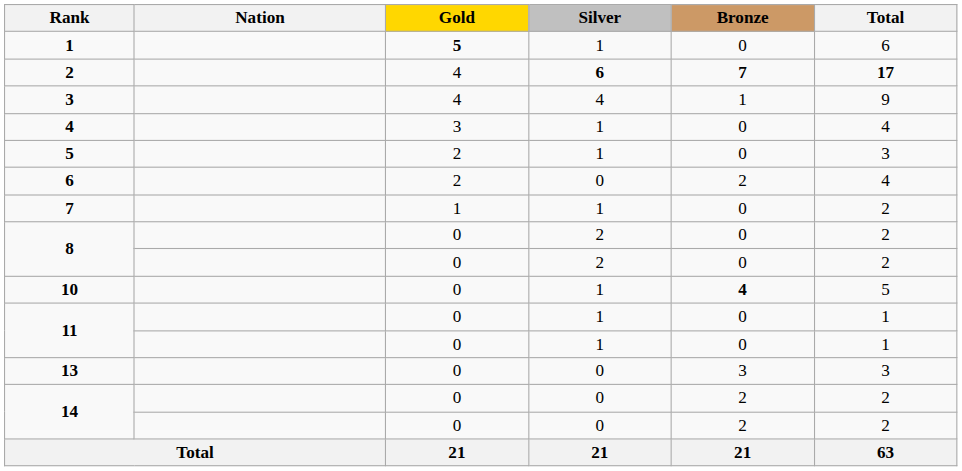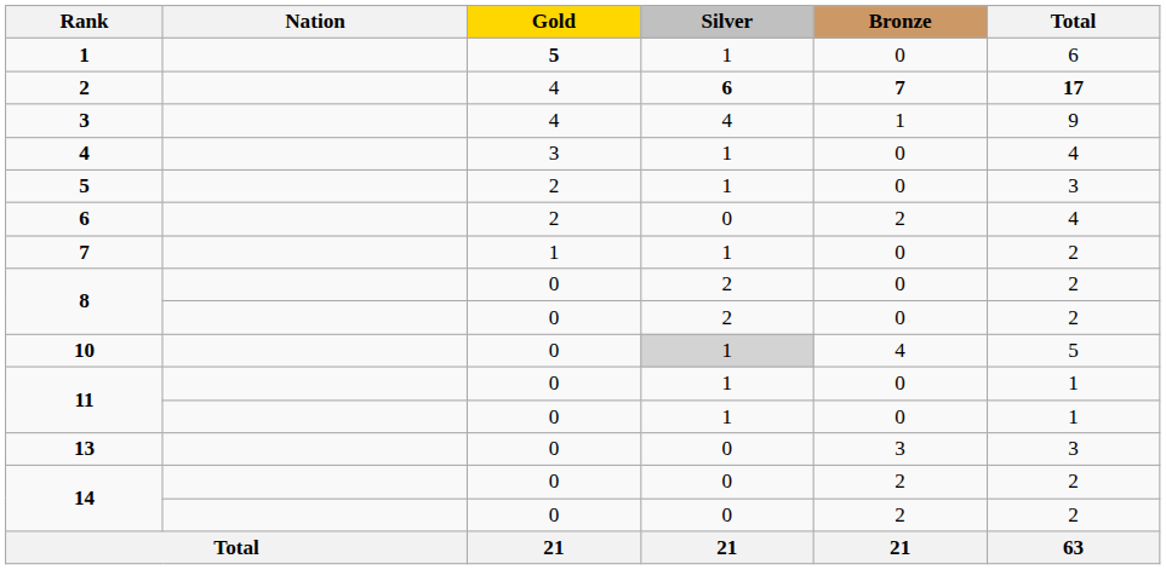 <table class="wikitable collapsible autocollapse plainrowheaders" width=70.5% style="text-align:center;">
 <tr style="background-color:#EDEDED;">
 <th width=100px class="hintergrundfarbe5">Rank</th>
 <th width=200px class="hintergrundfarbe6">Nation</th>
 <th style="background:    gold; width:15%">Gold</th>
 <th style="background:  silver; width:15%">Silver</th>
 <th style="background: #CC9966; width:15%">Bronze</th>
 <th class="hintergrundfarbe6" style="width:15%">Total</th>
 </tr>
 <tr>
 <td><strong>1</strong></td>
 <td align=left></td>
 <td><strong>5</strong></td>
 <td>1</td>
 <td>0</td>
 <td>6</td>
 </tr>
 <tr>
 <td><strong>2</strong></td>
 <td align=left></td>
 <td>4</td>
 <td><strong>6</strong></td>
 <td><strong>7</strong></td>
 <td><strong>17</strong></td>
 </tr>
 <tr>
 <td><strong>3</strong></td>
 <td align=left><em></em></td>
 <td>4</td>
 <td>4</td>
 <td>1</td>
 <td>9</td>
 </tr>
 <tr>
 <td><strong>4</strong></td>
 <td align=left></td>
 <td>3</td>
 <td>1</td>
 <td>0</td>
 <td>4</td>
 </tr>
 <tr>
 <td><strong>5</strong></td>
 <td align=left></td>
 <td>2</td>
 <td>1</td>
 <td>0</td>
 <td>3</td>
 </tr>
 <tr>
 <td><strong>6</strong></td>
 <td align=left></td>
 <td>2</td>
 <td>0</td>
 <td>2</td>
 <td>4</td>
 </tr>
 <tr>
 <td><strong>7</strong></td>
 <td align=left></td>
 <td>1</td>
 <td>1</td>
 <td>0</td>
 <td>2</td>
 </tr>
 <tr>
 <td rowspan=2><strong>8</strong></td>
 <td align=left></td>
 <td>0</td>
 <td>2</td>
 <td>0</td>
 <td>2</td>
 </tr>
 <tr>
 <td align=left></td>
 <td>0</td>
 <td>2</td>
 <td>0</td>
 <td>2</td>
 </tr>
 <tr>
 <td><strong>10</strong></td>
 <td align=left></td>
 <td>0</td>
-<td>1</td>
-<td><strong>4</strong></td>
+<td style="background: lightgrey;">1</td>
+<td>4</td>
 <td>5</td>
 </tr>
 <tr>
 <td rowspan=2><strong>11</strong></td>
 <td align=left></td>
 <td>0</td>
 <td>1</td>
 <td>0</td>
 <td>1</td>
 </tr>
 <tr>
 <td align=left></td>
 <td>0</td>
 <td>1</td>
 <td>0</td>
 <td>1</td>
 </tr>
 <tr>
 <td><strong>13</strong></td>
 <td align=left></td>
 <td>0</td>
 <td>0</td>
 <td>3</td>
 <td>3</td>
 </tr>
 <tr>
 <td rowspan=2><strong>14</strong></td>
 <td align=left></td>
 <td>0</td>
 <td>0</td>
 <td>2</td>
 <td>2</td>
 </tr>
 <tr>
 <td align=left></td>
 <td>0</td>
 <td>0</td>
 <td>2</td>
 <td>2</td>
 </tr>
 <tr>
 <th colspan=2>Total</th>
 <th>21</th>
 <th>21</th>
 <th>21</th>
 <th>63</th>
 </tr>
 </table>
